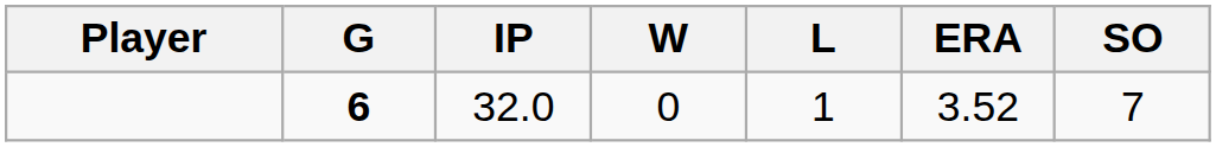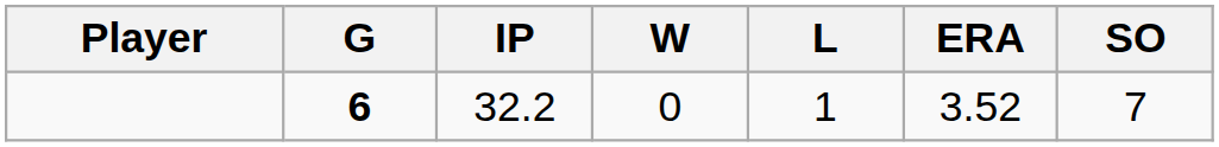 <table class="wikitable sortable">
 <tr>
 <th bgcolor="#DDDDFF" width="16%">Player</th>
 <th bgcolor="#DDDDFF" width="9%">G</th>
 <th bgcolor="#DDDDFF" width="9%">IP</th>
 <th bgcolor="#DDDDFF" width="9%">W</th>
 <th bgcolor="#DDDDFF" width="9%">L</th>
 <th bgcolor="#DDDDFF" width="9%">ERA</th>
 <th bgcolor="#DDDDFF" width="9%">SO</th>
 </tr>
 <tr align="center">
 <td></td>
 <td><strong>6</strong></td>
-<td>32.0</td>
+<td>32.2</td>
 <td>0</td>
 <td>1</td>
 <td>3.52</td>
 <td>7</td>
 </tr>
 </table>
